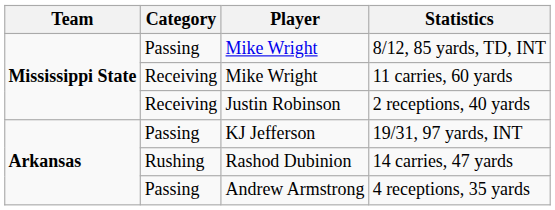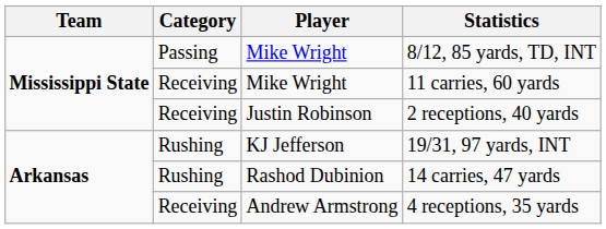 <table class="wikitable" style="float: right;">
 <tr>
 <th>Team</th>
 <th>Category</th>
 <th>Player</th>
 <th>Statistics</th>
 </tr>
 <tr>
 <td rowspan=3><strong>Mississippi State</strong></td>
 <td>Passing</td>
 <td><a href='#'>Mike Wright</a></td>
 <td>8/12, 85 yards, TD, INT</td>
 </tr>
 <tr>
 <td>Receiving</td>
 <td>Mike Wright</td>
 <td>11 carries, 60 yards</td>
 </tr>
 <tr>
 <td>Receiving</td>
 <td>Justin Robinson</td>
 <td>2 receptions, 40 yards</td>
 </tr>
 <tr>
 <td rowspan=3><strong>Arkansas</strong></td>
-<td>Passing</td>
+<td>Rushing</td>
 <td>KJ Jefferson</td>
 <td>19/31, 97 yards, INT</td>
 </tr>
 <tr>
 <td>Rushing</td>
 <td>Rashod Dubinion</td>
 <td>14 carries, 47 yards</td>
 </tr>
 <tr>
-<td>Passing</td>
+<td>Receiving</td>
 <td>Andrew Armstrong</td>
 <td>4 receptions, 35 yards</td>
 </tr>
 </table>
